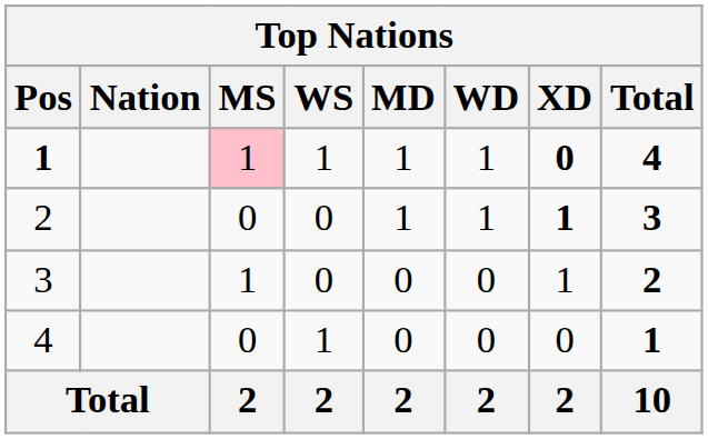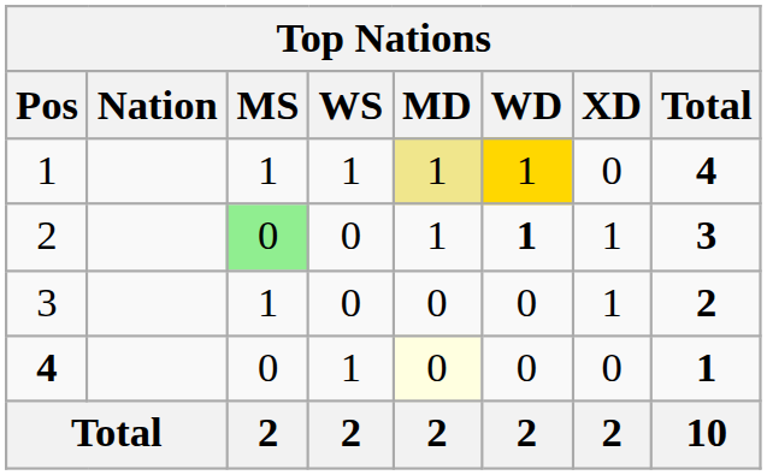 <table class="wikitable" style="text-align:center">
 <tr>
 <th colspan="10">Top Nations</th>
 </tr>
 <tr>
 <th>Pos</th>
 <th>Nation</th>
 <th>MS</th>
 <th>WS</th>
 <th>MD</th>
 <th>WD</th>
 <th>XD</th>
 <th>Total</th>
 </tr>
 <tr>
-<td><strong>1</strong></td>
+<td>1</td>
 <td align="left"></td>
-<td style="background: pink;">1</td>
 <td>1</td>
 <td>1</td>
-<td>1</td>
-<td><strong>0</strong></td>
+<td style="background: khaki;">1</td>
+<td style="background: gold;">1</td>
+<td>0</td>
 <td><strong>4</strong></td>
 </tr>
 <tr>
 <td>2</td>
 <td align="left"></td>
-<td>0</td>
+<td style="background: lightgreen;">0</td>
 <td>0</td>
 <td>1</td>
+<td><strong>1</strong></td>
 <td>1</td>
-<td><strong>1</strong></td>
 <td><strong>3</strong></td>
 </tr>
 <tr>
 <td>3</td>
 <td align="left"></td>
 <td>1</td>
 <td>0</td>
 <td>0</td>
 <td>0</td>
 <td>1</td>
 <td><strong>2</strong></td>
 </tr>
 <tr>
-<td>4</td>
+<td><strong>4</strong></td>
 <td align="left"></td>
 <td>0</td>
 <td>1</td>
-<td>0</td>
+<td style="background: lightyellow;">0</td>
 <td>0</td>
 <td>0</td>
 <td><strong>1</strong></td>
 </tr>
 <tr>
 <th colspan="2">Total</th>
 <th>2</th>
 <th>2</th>
 <th>2</th>
 <th>2</th>
 <th>2</th>
 <th>10</th>
 </tr>
 </table>
